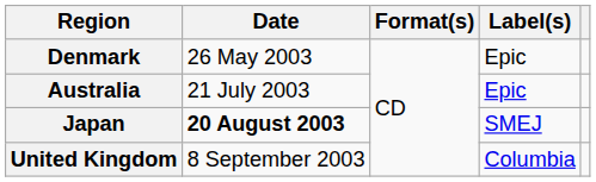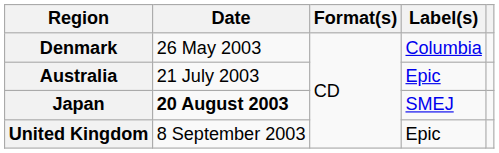 <table class="wikitable plainrowheaders">
 <tr>
 <th scope="col">Region</th>
 <th scope="col">Date</th>
 <th scope="col">Format(s)</th>
 <th scope="col">Label(s)</th>
 <th scope="col"></th>
 </tr>
 <tr>
 <th scope="row">Denmark</th>
 <td>26 May 2003</td>
 <td rowspan="4">CD</td>
-<td>Epic</td>
+<td><a href='#'>Columbia</a></td>
 <td></td>
 </tr>
 <tr>
 <th scope="row">Australia</th>
 <td>21 July 2003</td>
 <td><a href='#'>Epic</a></td>
 <td></td>
 </tr>
 <tr>
 <th scope="row">Japan</th>
 <td><strong>20 August 2003</strong></td>
 <td><a href='#'>SMEJ</a></td>
 <td></td>
 </tr>
 <tr>
 <th scope="row">United Kingdom</th>
 <td>8 September 2003</td>
-<td><a href='#'>Columbia</a></td>
+<td>Epic</td>
 <td></td>
 </tr>
 </table>
